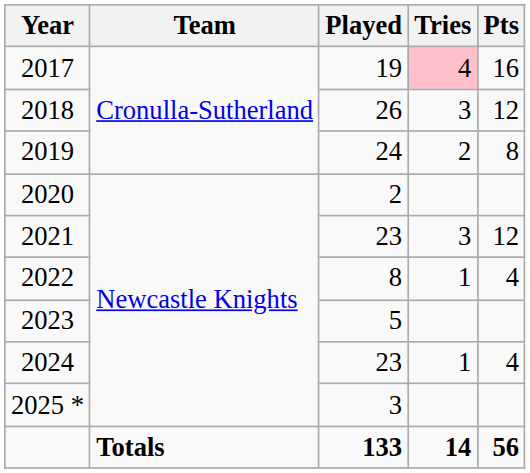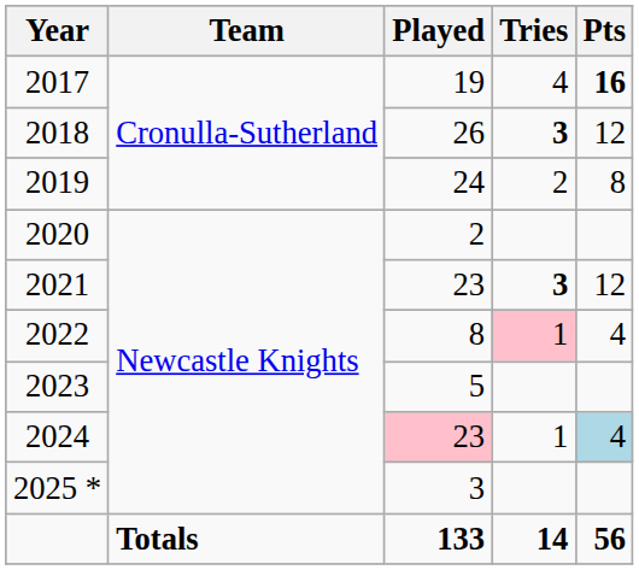 <table class="wikitable">
 <tr>
 <th>Year</th>
 <th>Team</th>
 <th>Played</th>
 <th>Tries</th>
 <th>Pts</th>
 </tr>
 <tr>
 <td align=center>2017</td>
 <td rowspan=3> <a href='#'>Cronulla-Sutherland</a></td>
 <td align=right>19</td>
-<td align=right style="background: pink;">4</td>
-<td align=right>16</td>
+<td align=right>4</td>
+<td align=right><strong>16</strong></td>
 </tr>
 <tr>
 <td align=center>2018</td>
 <td align=right>26</td>
-<td align=right>3</td>
+<td align=right><strong>3</strong></td>
 <td align=right>12</td>
 </tr>
 <tr>
 <td align=center>2019</td>
 <td align=right>24</td>
 <td align=right>2</td>
 <td align=right>8</td>
 </tr>
 <tr>
 <td align=center>2020</td>
 <td rowspan=6> <a href='#'>Newcastle Knights</a></td>
 <td align=right>2</td>
 <td align=right></td>
 <td align=right></td>
 </tr>
 <tr>
 <td align=center>2021</td>
 <td align=right>23</td>
-<td align=right>3</td>
+<td align=right><strong>3</strong></td>
 <td align=right>12</td>
 </tr>
 <tr>
 <td align=center>2022</td>
 <td align=right>8</td>
-<td align=right>1</td>
+<td align=right style="background: pink;">1</td>
 <td align=right>4</td>
 </tr>
 <tr>
 <td align=center>2023</td>
 <td align=right>5</td>
 <td align=right></td>
 <td align=right></td>
 </tr>
 <tr>
 <td align=center>2024</td>
-<td align=right>23</td>
+<td align=right style="background: pink;">23</td>
 <td align=right>1</td>
-<td align=right>4</td>
+<td align=right style="background: lightblue;">4</td>
 </tr>
 <tr>
 <td align=center>2025 *</td>
 <td align=right>3</td>
 <td align=right></td>
 <td align=right></td>
 </tr>
 <tr>
 <td></td>
 <td align="left"><strong>Totals</strong></td>
 <td align="right"><strong>133</strong></td>
 <td align="right"><strong>14</strong></td>
 <td align="right"><strong>56</strong></td>
 </tr>
 </table>
